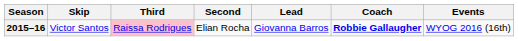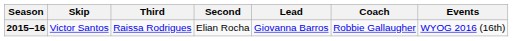 <table class="wikitable">
 <tr>
 <th scope="col">Season</th>
 <th scope="col">Skip</th>
 <th scope="col">Third</th>
 <th scope="col">Second</th>
 <th scope="col">Lead</th>
 <th scope="col">Coach</th>
 <th scope="col">Events</th>
 </tr>
 <tr>
 <th scope="row" rowspan="2">2015–16</th>
 <td><a href='#'>Victor Santos</a></td>
-<td style="background: pink;"><a href='#'>Raissa Rodrigues</a></td>
+<td><a href='#'>Raissa Rodrigues</a></td>
 <td>Elian Rocha</td>
 <td><a href='#'>Giovanna Barros</a></td>
-<td><strong><a href='#'>Robbie Gallaugher</a></strong></td>
+<td><a href='#'>Robbie Gallaugher</a></td>
 <td><a href='#'>WYOG 2016</a> (16th)</td>
 </tr>
 </table>
